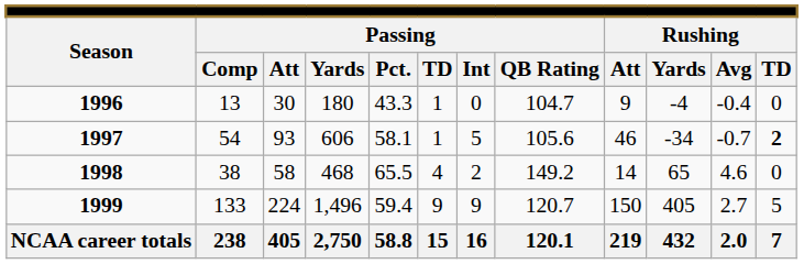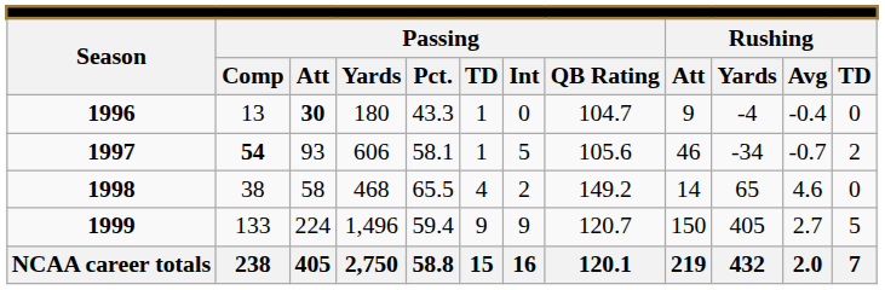 <table class=wikitable style="text-align:center;">
 <tr>
 <td ! colspan="12" style="background: #000000; border: 2px solid #9E7E38; color:#FFFFFF;"></td>
 </tr>
 <tr>
 <th rowspan=2>Season</th>
 <th colspan=7>Passing</th>
 <th colspan=4>Rushing</th>
 </tr>
 <tr>
 <th>Comp</th>
 <th>Att</th>
 <th>Yards</th>
 <th>Pct.</th>
 <th>TD</th>
 <th>Int</th>
 <th>QB Rating</th>
 <th>Att</th>
 <th>Yards</th>
 <th>Avg</th>
 <th>TD</th>
 </tr>
 <tr>
 <td><strong>1996</strong></td>
 <td>13</td>
-<td>30</td>
+<td><strong>30</strong></td>
 <td>180</td>
 <td>43.3</td>
 <td>1</td>
 <td>0</td>
 <td>104.7</td>
 <td>9</td>
 <td>-4</td>
 <td>-0.4</td>
 <td>0</td>
 </tr>
 <tr>
 <td><strong>1997</strong></td>
-<td>54</td>
+<td><strong>54</strong></td>
 <td>93</td>
 <td>606</td>
 <td>58.1</td>
 <td>1</td>
 <td>5</td>
 <td>105.6</td>
 <td>46</td>
 <td>-34</td>
 <td>-0.7</td>
-<td><strong>2</strong></td>
+<td>2</td>
 </tr>
 <tr>
 <td><strong>1998</strong></td>
 <td>38</td>
 <td>58</td>
 <td>468</td>
 <td>65.5</td>
 <td>4</td>
 <td>2</td>
 <td>149.2</td>
 <td>14</td>
 <td>65</td>
 <td>4.6</td>
 <td>0</td>
 </tr>
 <tr>
 <td><strong>1999</strong></td>
 <td>133</td>
 <td>224</td>
 <td>1,496</td>
 <td>59.4</td>
 <td>9</td>
 <td>9</td>
 <td>120.7</td>
 <td>150</td>
 <td>405</td>
 <td>2.7</td>
 <td>5</td>
 </tr>
 <tr>
 <th>NCAA career totals</th>
 <th>238</th>
 <th>405</th>
 <th>2,750</th>
 <th>58.8</th>
 <th>15</th>
 <th>16</th>
 <th>120.1</th>
 <th>219</th>
 <th>432</th>
 <th>2.0</th>
 <th>7</th>
 </tr>
 </table>
